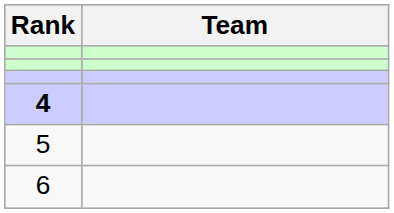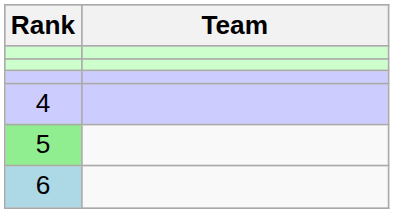 <table class=wikitable style="text-align:center;">
 <tr>
 <th>Rank</th>
 <th width=180>Team</th>
 </tr>
 <tr bgcolor=ccffcc>
 <td></td>
 <td align=left></td>
 </tr>
 <tr bgcolor=ccffcc>
 <td></td>
 <td align=left></td>
 </tr>
 <tr bgcolor=ccccff>
 <td></td>
 <td align=left></td>
 </tr>
 <tr bgcolor=ccccff>
-<td><strong>4</strong></td>
+<td>4</td>
 <td align=left></td>
 </tr>
 <tr>
-<td>5</td>
+<td style="background: lightgreen;">5</td>
 <td align=left></td>
 </tr>
 <tr>
-<td>6</td>
+<td style="background: lightblue;">6</td>
 <td align=left></td>
 </tr>
 </table>
